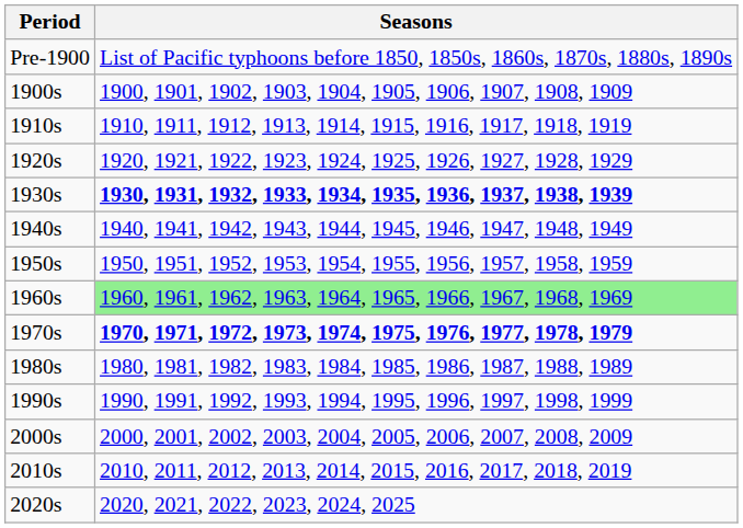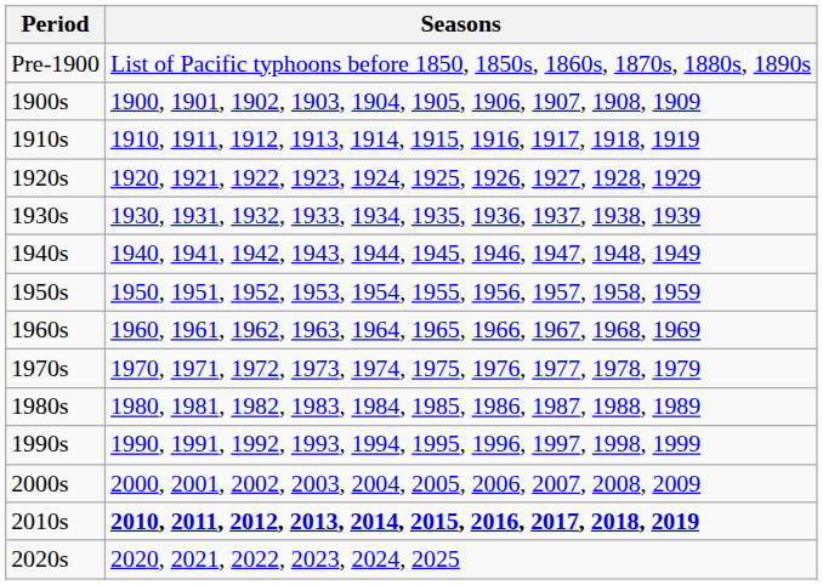 <table class="wikitable">
 <tr>
 <th>Period</th>
 <th>Seasons</th>
 </tr>
 <tr>
 <td>Pre-1900</td>
 <td><a href='#'>List of Pacific typhoons before 1850</a>, <a href='#'>1850s</a>, <a href='#'>1860s</a>, <a href='#'>1870s</a>, <a href='#'>1880s</a>, <a href='#'>1890s</a></td>
 </tr>
 <tr>
 <td>1900s</td>
 <td><a href='#'>1900</a>, <a href='#'>1901</a>, <a href='#'>1902</a>, <a href='#'>1903</a>, <a href='#'>1904</a>, <a href='#'>1905</a>, <a href='#'>1906</a>, <a href='#'>1907</a>, <a href='#'>1908</a>, <a href='#'>1909</a></td>
 </tr>
 <tr>
 <td>1910s</td>
 <td><a href='#'>1910</a>, <a href='#'>1911</a>, <a href='#'>1912</a>, <a href='#'>1913</a>, <a href='#'>1914</a>, <a href='#'>1915</a>, <a href='#'>1916</a>, <a href='#'>1917</a>, <a href='#'>1918</a>, <a href='#'>1919</a></td>
 </tr>
 <tr>
 <td>1920s</td>
 <td><a href='#'>1920</a>, <a href='#'>1921</a>, <a href='#'>1922</a>, <a href='#'>1923</a>, <a href='#'>1924</a>, <a href='#'>1925</a>, <a href='#'>1926</a>, <a href='#'>1927</a>, <a href='#'>1928</a>, <a href='#'>1929</a></td>
 </tr>
 <tr>
 <td>1930s</td>
-<td><strong><a href='#'>1930</a>, <a href='#'>1931</a>, <a href='#'>1932</a>, <a href='#'>1933</a>, <a href='#'>1934</a>, <a href='#'>1935</a>, <a href='#'>1936</a>, <a href='#'>1937</a>, <a href='#'>1938</a>, <a href='#'>1939</a></strong></td>
+<td><a href='#'>1930</a>, <a href='#'>1931</a>, <a href='#'>1932</a>, <a href='#'>1933</a>, <a href='#'>1934</a>, <a href='#'>1935</a>, <a href='#'>1936</a>, <a href='#'>1937</a>, <a href='#'>1938</a>, <a href='#'>1939</a></td>
 </tr>
 <tr>
 <td>1940s</td>
 <td><a href='#'>1940</a>, <a href='#'>1941</a>, <a href='#'>1942</a>, <a href='#'>1943</a>, <a href='#'>1944</a>, <a href='#'>1945</a>, <a href='#'>1946</a>, <a href='#'>1947</a>, <a href='#'>1948</a>, <a href='#'>1949</a></td>
 </tr>
 <tr>
 <td>1950s</td>
 <td><a href='#'>1950</a>, <a href='#'>1951</a>, <a href='#'>1952</a>, <a href='#'>1953</a>, <a href='#'>1954</a>, <a href='#'>1955</a>, <a href='#'>1956</a>, <a href='#'>1957</a>, <a href='#'>1958</a>, <a href='#'>1959</a></td>
 </tr>
 <tr>
 <td>1960s</td>
-<td style="background: lightgreen;"><a href='#'>1960</a>, <a href='#'>1961</a>, <a href='#'>1962</a>, <a href='#'>1963</a>, <a href='#'>1964</a>, <a href='#'>1965</a>, <a href='#'>1966</a>, <a href='#'>1967</a>, <a href='#'>1968</a>, <a href='#'>1969</a></td>
+<td><a href='#'>1960</a>, <a href='#'>1961</a>, <a href='#'>1962</a>, <a href='#'>1963</a>, <a href='#'>1964</a>, <a href='#'>1965</a>, <a href='#'>1966</a>, <a href='#'>1967</a>, <a href='#'>1968</a>, <a href='#'>1969</a></td>
 </tr>
 <tr>
 <td>1970s</td>
-<td><strong><a href='#'>1970</a>, <a href='#'>1971</a>, <a href='#'>1972</a>, <a href='#'>1973</a>, <a href='#'>1974</a>, <a href='#'>1975</a>, <a href='#'>1976</a>, <a href='#'>1977</a>, <a href='#'>1978</a>, <a href='#'>1979</a></strong></td>
+<td><a href='#'>1970</a>, <a href='#'>1971</a>, <a href='#'>1972</a>, <a href='#'>1973</a>, <a href='#'>1974</a>, <a href='#'>1975</a>, <a href='#'>1976</a>, <a href='#'>1977</a>, <a href='#'>1978</a>, <a href='#'>1979</a></td>
 </tr>
 <tr>
 <td>1980s</td>
 <td><a href='#'>1980</a>, <a href='#'>1981</a>, <a href='#'>1982</a>, <a href='#'>1983</a>, <a href='#'>1984</a>, <a href='#'>1985</a>, <a href='#'>1986</a>, <a href='#'>1987</a>, <a href='#'>1988</a>, <a href='#'>1989</a></td>
 </tr>
 <tr>
 <td>1990s</td>
 <td><a href='#'>1990</a>, <a href='#'>1991</a>, <a href='#'>1992</a>, <a href='#'>1993</a>, <a href='#'>1994</a>, <a href='#'>1995</a>, <a href='#'>1996</a>, <a href='#'>1997</a>, <a href='#'>1998</a>, <a href='#'>1999</a></td>
 </tr>
 <tr>
 <td>2000s</td>
 <td><a href='#'>2000</a>, <a href='#'>2001</a>, <a href='#'>2002</a>, <a href='#'>2003</a>, <a href='#'>2004</a>, <a href='#'>2005</a>, <a href='#'>2006</a>, <a href='#'>2007</a>, <a href='#'>2008</a>, <a href='#'>2009</a></td>
 </tr>
 <tr>
 <td>2010s</td>
-<td><a href='#'>2010</a>, <a href='#'>2011</a>, <a href='#'>2012</a>, <a href='#'>2013</a>, <a href='#'>2014</a>, <a href='#'>2015</a>, <a href='#'>2016</a>, <a href='#'>2017</a>, <a href='#'>2018</a>, <a href='#'>2019</a></td>
+<td><strong><a href='#'>2010</a>, <a href='#'>2011</a>, <a href='#'>2012</a>, <a href='#'>2013</a>, <a href='#'>2014</a>, <a href='#'>2015</a>, <a href='#'>2016</a>, <a href='#'>2017</a>, <a href='#'>2018</a>, <a href='#'>2019</a></strong></td>
 </tr>
 <tr>
 <td>2020s</td>
 <td><a href='#'>2020</a>, <a href='#'>2021</a>, <a href='#'>2022</a>, <a href='#'>2023</a>, <a href='#'>2024</a>, <a href='#'>2025</a></td>
 </tr>
 </table>
